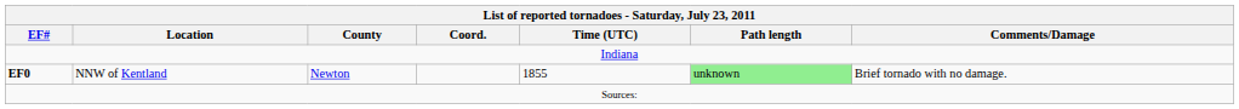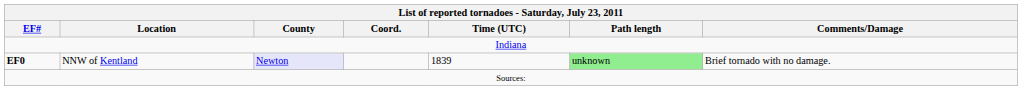 <table class="wikitable collapsible" width="100%">
 <tr>
 <th colspan="7">List of reported tornadoes - Saturday, July 23, 2011</th>
 </tr>
 <tr>
 <th><a href='#'>EF#</a></th>
 <th>Location</th>
 <th>County</th>
 <th>Coord.</th>
 <th>Time (UTC)</th>
 <th>Path length</th>
 <th>Comments/Damage</th>
 </tr>
 <tr>
 <td colspan="7" align=center><a href='#'>Indiana</a></td>
 </tr>
 <tr>
 <td><strong>EF0</strong></td>
 <td>NNW of <a href='#'>Kentland</a></td>
-<td><a href='#'>Newton</a></td>
+<td style="background: lavender;"><a href='#'>Newton</a></td>
 <td></td>
-<td>1855</td>
+<td>1839</td>
 <td style="background: lightgreen;">unknown</td>
 <td>Brief tornado with no damage.</td>
 </tr>
 <tr>
 <td colspan="7" align=center><small>Sources: </small></td>
 </tr>
 </table>
